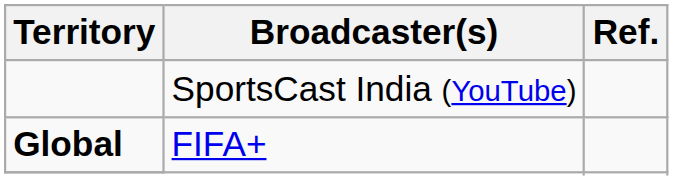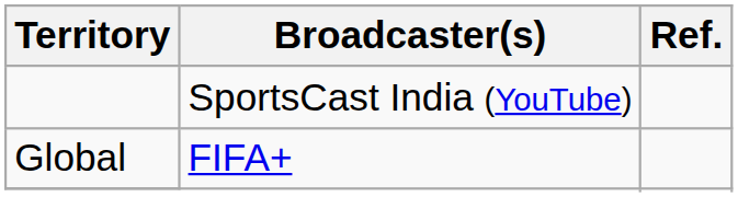 <table class="wikitable sortable">
 <tr>
 <th>Territory</th>
 <th>Broadcaster(s)</th>
 <th>Ref.</th>
 </tr>
 <tr>
 <td></td>
 <td>SportsCast India <small>(<a href='#'>YouTube</a>)</small></td>
 <td></td>
 </tr>
 <tr>
-<td><strong> Global</strong></td>
+<td> Global</td>
 <td rowspan="2"><a href='#'>FIFA+</a></td>
 <td rowspan="2"></td>
 </tr>
 <tr>
 </tr>
 </table>
